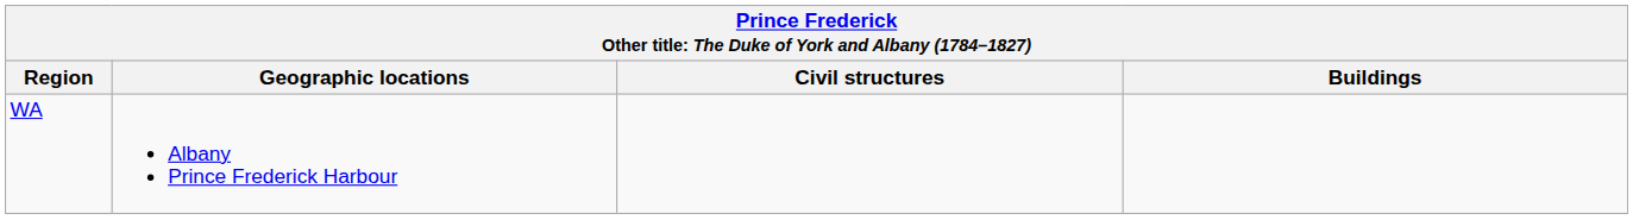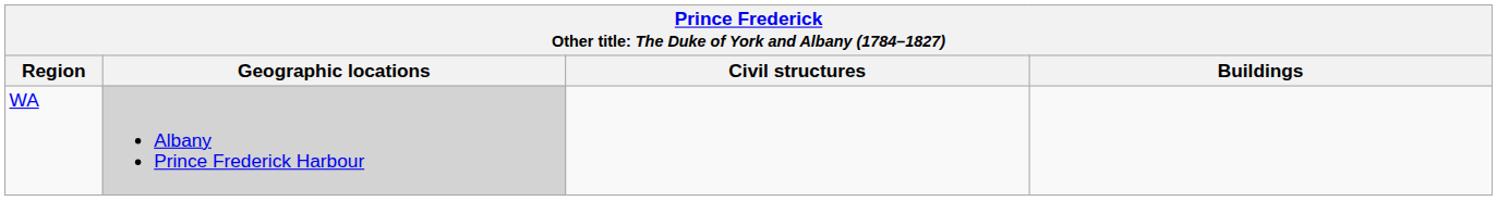 <table class="wikitable" width="100%">
 <tr>
 <th colspan="4"> <a href='#'>Prince Frederick</a><br><small>Other title: <em>The Duke of York and Albany (1784–1827)</em></small></th>
 </tr>
 <tr>
 <th width="5%">Region</th>
 <th width="23.75%">Geographic locations</th>
 <th width="23.75%">Civil structures</th>
 <th width="23.75%">Buildings</th>
 </tr>
 <tr>
 <td align=left valign=top> <a href='#'>WA</a></td>
-<td><br><ul><li><a href='#'>Albany</a></li><li><a href='#'>Prince Frederick Harbour</a></li></ul></td>
+<td style="background: lightgrey;"><br><ul><li><a href='#'>Albany</a></li><li><a href='#'>Prince Frederick Harbour</a></li></ul></td>
 <td></td>
 <td></td>
 </tr>
 </table>
